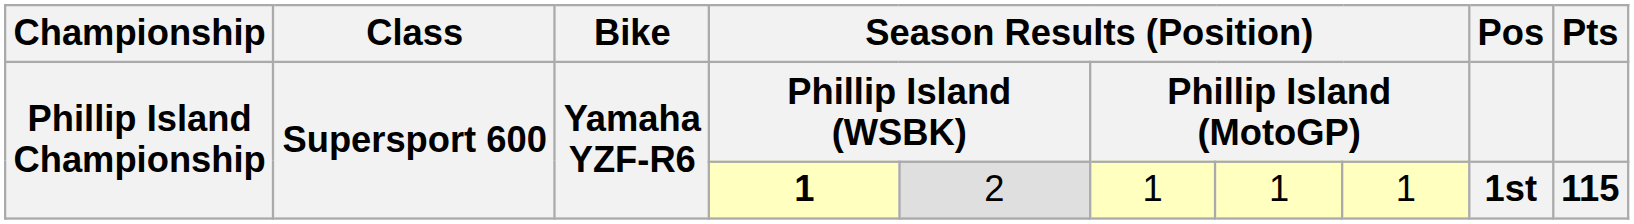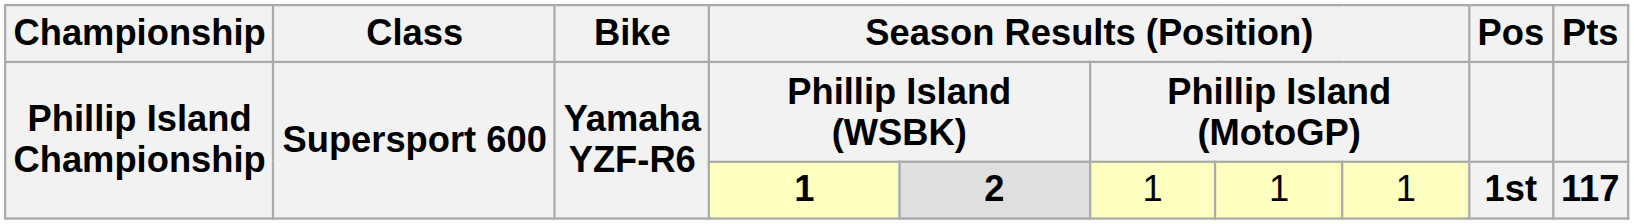 <table class="wikitable" style="text-align:center">
 <tr>
 <th>Championship</th>
 <th>Class</th>
 <th>Bike</th>
 <th colspan=5>Season Results (Position)</th>
 <th>Pos</th>
 <th>Pts</th>
 </tr>
 <tr>
 <th rowspan=2>Phillip Island <br> Championship</th>
 <th rowspan=2>Supersport 600</th>
 <th rowspan=2>Yamaha <br> YZF-R6</th>
 <th colspan=2 width="160pt">Phillip Island (WSBK)</th>
 <th colspan=3 width="160pt">Phillip Island (MotoGP)</th>
 <th></th>
 <th></th>
 </tr>
 <tr>
 <td style="background:#ffffbf;"><strong>1</strong></td>
-<td style="background:#dfdfdf;">2</td>
+<td style="background:#dfdfdf;"><strong>2</strong></td>
 <td style="background:#ffffbf;">1</td>
 <td style="background:#ffffbf;">1</td>
 <td style="background:#ffffbf;">1</td>
 <th>1st</th>
-<th>115</th>
+<th>117</th>
 </tr>
 </table>
